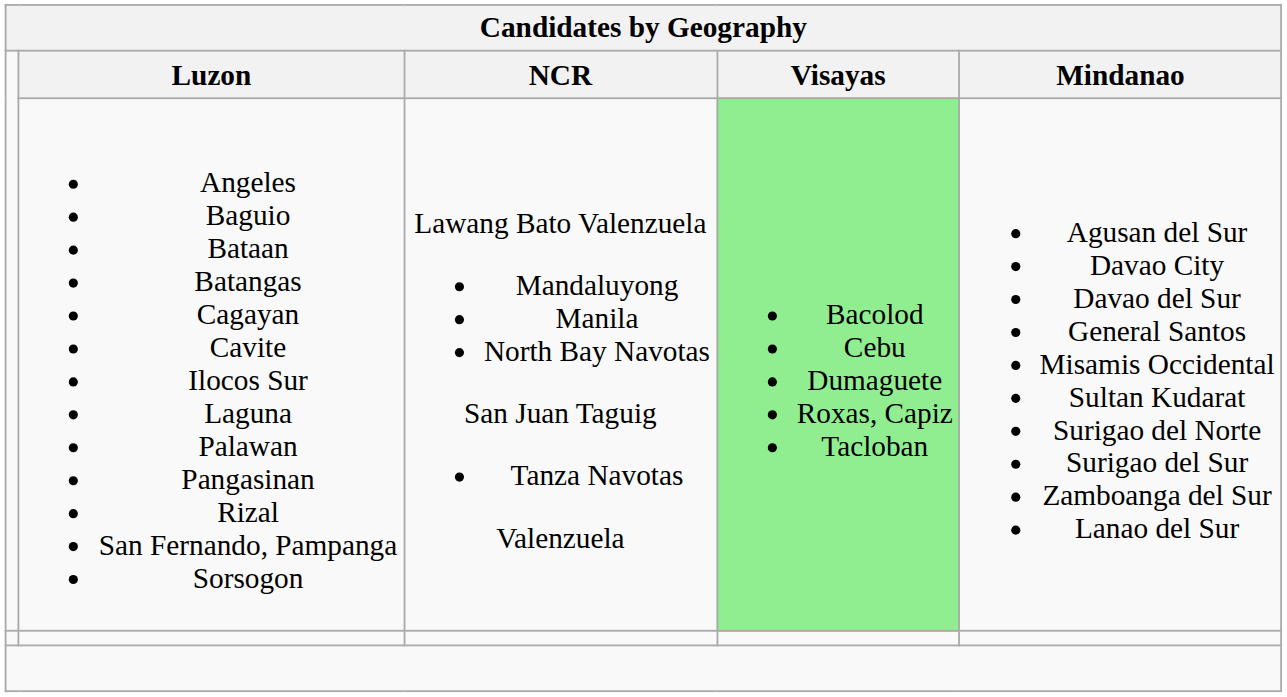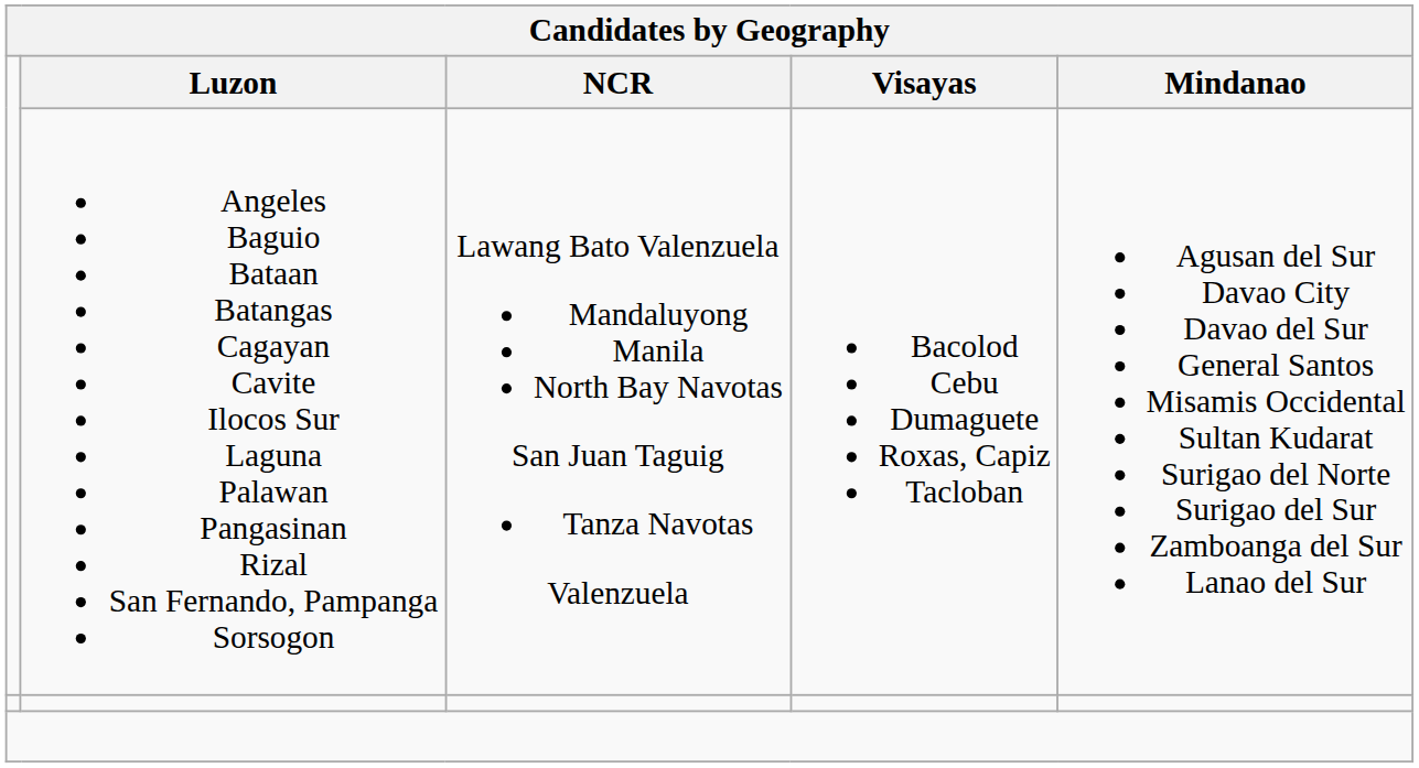 <table class="wikitable" style="margin:1em auto; text-align:center">
 <tr>
 <th colspan="5">Candidates by Geography</th>
 </tr>
 <tr>
 <td rowspan="2"></td>
 <th>Luzon</th>
 <th>NCR</th>
 <th>Visayas</th>
 <th>Mindanao</th>
 </tr>
 <tr>
 <td><br><ul><li>Angeles</li><li>Baguio</li><li>Bataan</li><li>Batangas</li><li>Cagayan</li><li>Cavite</li><li>Ilocos Sur</li><li>Laguna</li><li>Palawan</li><li>Pangasinan</li><li>Rizal</li><li>San Fernando, Pampanga</li><li>Sorsogon</li></ul></td>
 <td><br>Lawang Bato Valenzuela<ul><li>Mandaluyong</li><li>Manila</li><li>North Bay Navotas</li></ul>San Juan Taguig<ul><li>Tanza Navotas</li></ul>Valenzuela</td>
-<td style="background: lightgreen;"><br><ul><li>Bacolod</li><li>Cebu</li><li>Dumaguete</li><li>Roxas, Capiz</li><li>Tacloban</li></ul></td>
+<td><br><ul><li>Bacolod</li><li>Cebu</li><li>Dumaguete</li><li>Roxas, Capiz</li><li>Tacloban</li></ul></td>
 <td><br><ul><li>Agusan del Sur</li><li>Davao City</li><li>Davao del Sur</li><li>General Santos</li><li>Misamis Occidental</li><li>Sultan Kudarat</li><li>Surigao del Norte</li><li>Surigao del Sur</li><li>Zamboanga del Sur</li><li>Lanao del Sur</li></ul></td>
 </tr>
 <tr>
 <td></td>
 <td></td>
 <td></td>
 <td></td>
 <td></td>
 </tr>
 <tr>
 <td colspan="5"><br></td>
 </tr>
 </table>
